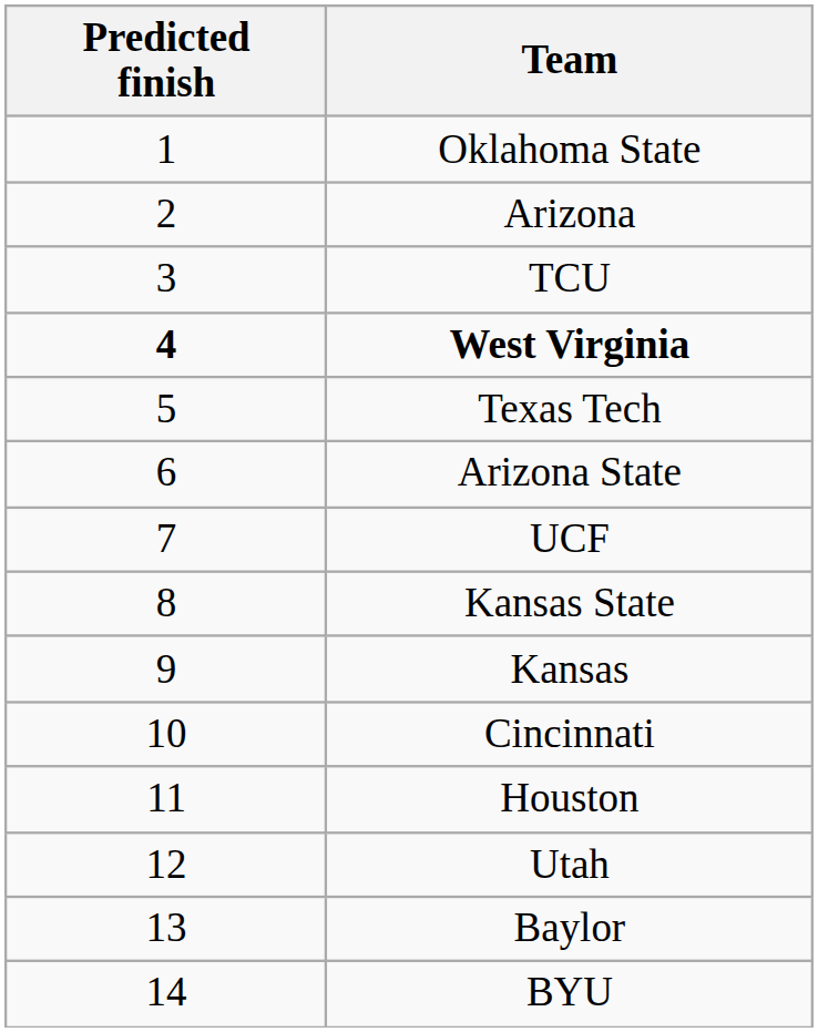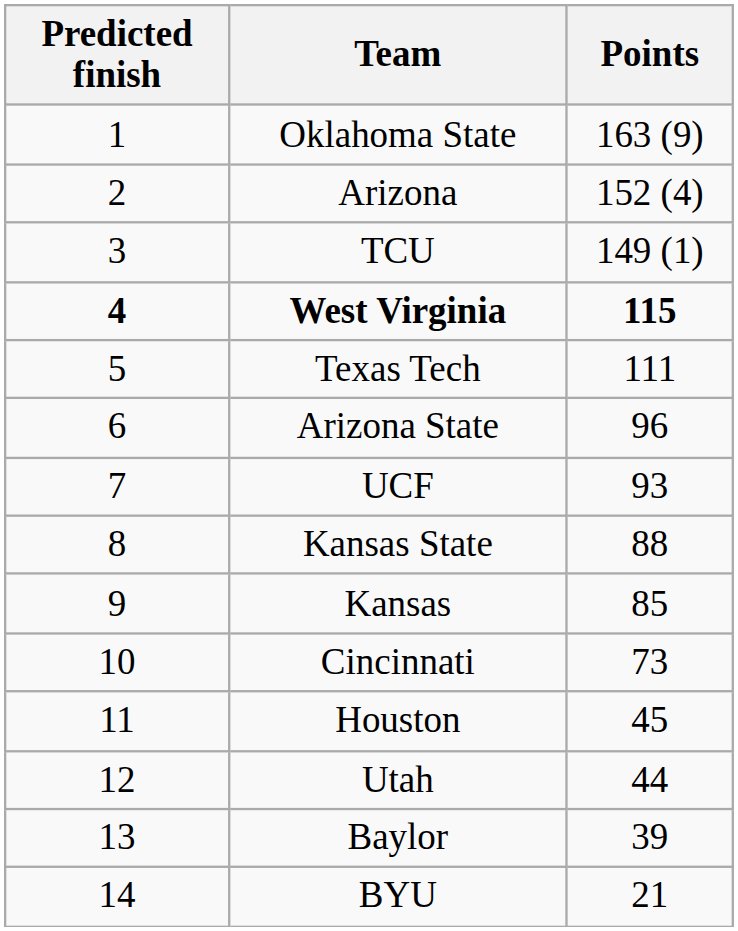 <table class="wikitable" style="width: 25%;text-align: center;">
 <tr align="center">
 <th>Predicted<br>finish</th>
 <th>Team</th>
+<th>Points</th>
 </tr>
 <tr align="center">
 <td>1</td>
 <td>Oklahoma State</td>
+<td>163 (9)</td>
 </tr>
 <tr align="center">
 <td>2</td>
 <td>Arizona</td>
+<td>152 (4)</td>
 </tr>
 <tr align="center">
 <td>3</td>
 <td>TCU</td>
+<td>149 (1)</td>
 </tr>
 <tr align="center">
 <td><strong>4</strong></td>
 <td><strong>West Virginia</strong></td>
+<td><strong>115</strong></td>
 </tr>
 <tr align="center">
 <td>5</td>
 <td>Texas Tech</td>
+<td>111</td>
 </tr>
 <tr align="center">
 <td>6</td>
 <td>Arizona State</td>
+<td>96</td>
 </tr>
 <tr align="center">
 <td>7</td>
 <td>UCF</td>
+<td>93</td>
 </tr>
 <tr align="center">
 <td>8</td>
 <td>Kansas State</td>
+<td>88</td>
 </tr>
 <tr align="center">
 <td>9</td>
 <td>Kansas</td>
+<td>85</td>
 </tr>
 <tr align="center">
 <td>10</td>
 <td>Cincinnati</td>
+<td>73</td>
 </tr>
 <tr align="center">
 <td>11</td>
 <td>Houston</td>
+<td>45</td>
 </tr>
 <tr align="center">
 <td>12</td>
 <td>Utah</td>
+<td>44</td>
 </tr>
 <tr align="center">
 <td>13</td>
 <td>Baylor</td>
+<td>39</td>
 </tr>
 <tr align="center">
 <td>14</td>
 <td>BYU</td>
+<td>21</td>
 </tr>
 </table>
